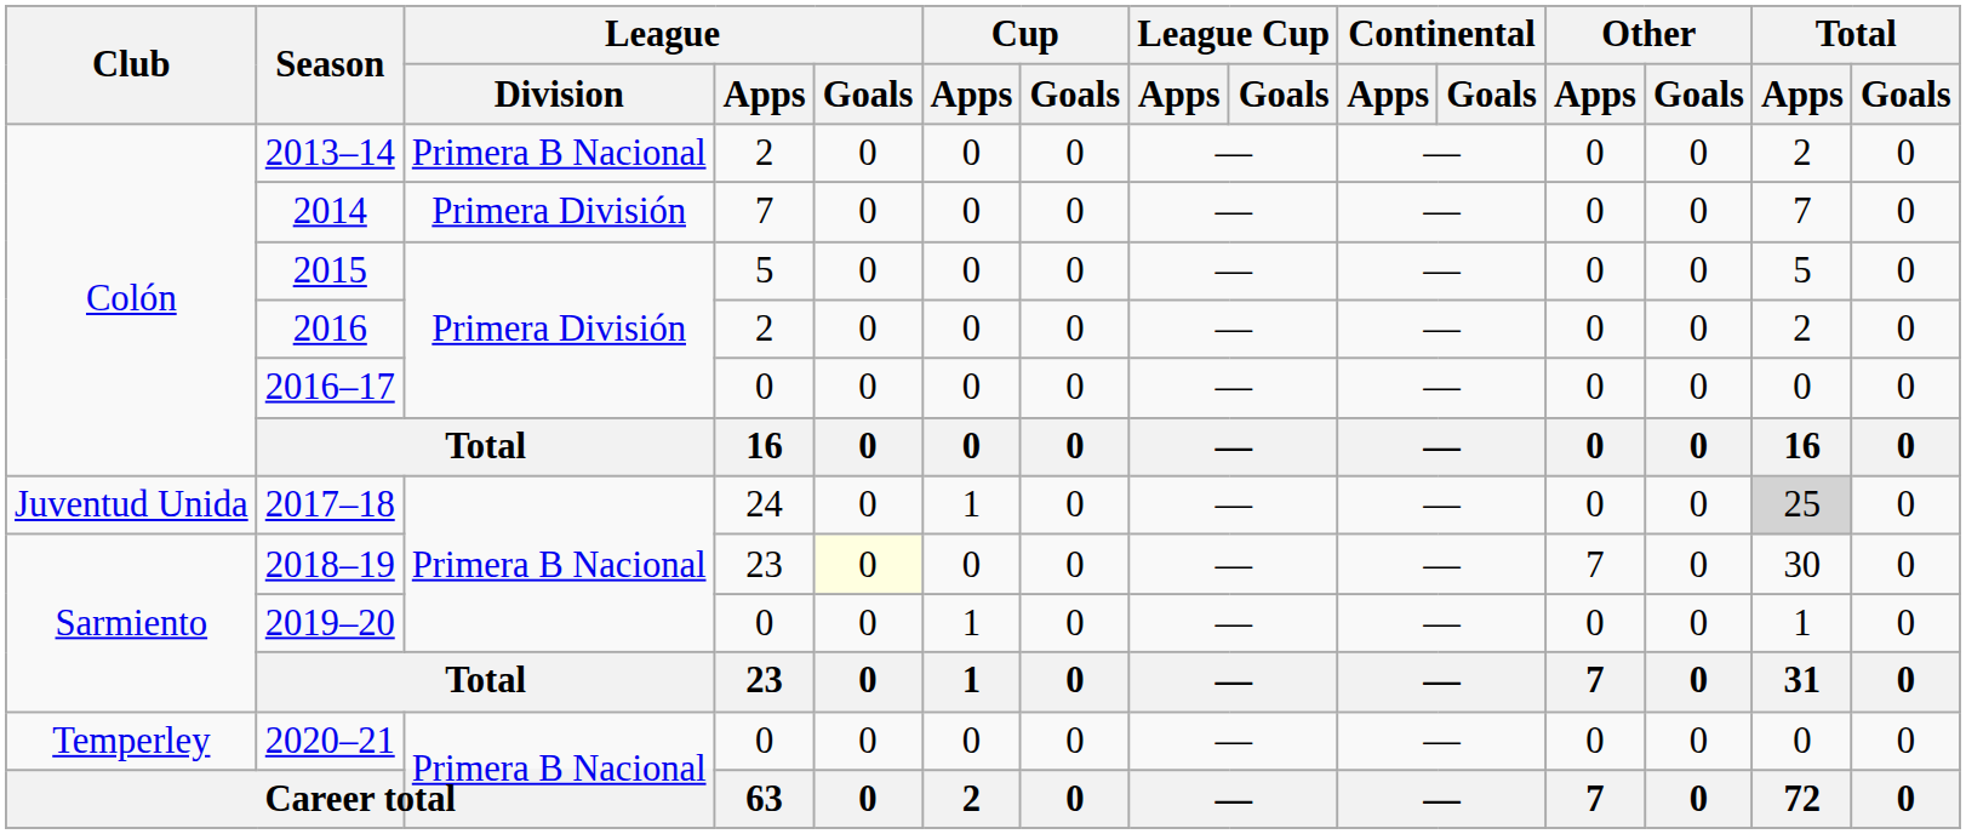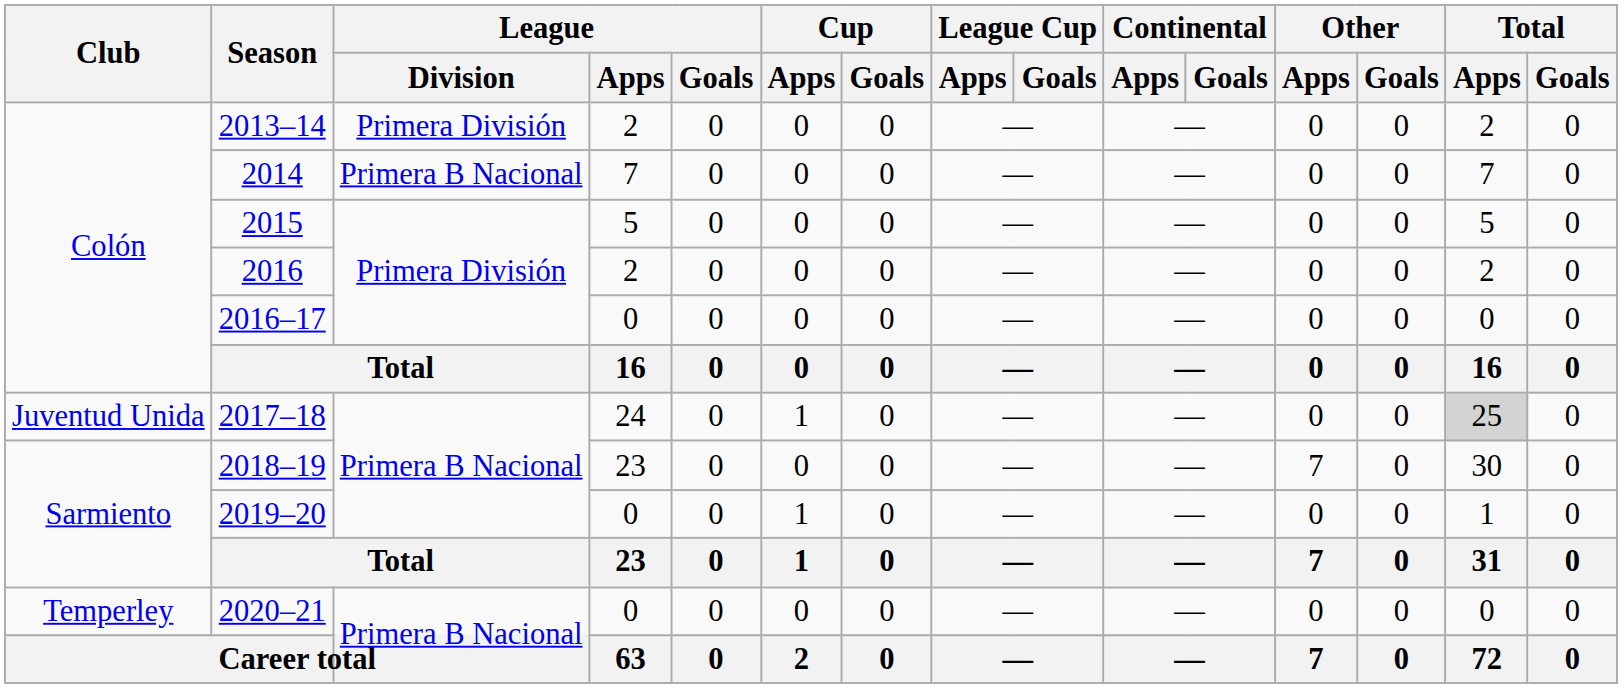 <table class="wikitable" style="text-align:center">
 <tr>
 <th rowspan="2">Club</th>
 <th rowspan="2">Season</th>
 <th colspan="3">League</th>
 <th colspan="2">Cup</th>
 <th colspan="2">League Cup</th>
 <th colspan="2">Continental</th>
 <th colspan="2">Other</th>
 <th colspan="2">Total</th>
 </tr>
 <tr>
 <th>Division</th>
 <th>Apps</th>
 <th>Goals</th>
 <th>Apps</th>
 <th>Goals</th>
 <th>Apps</th>
 <th>Goals</th>
 <th>Apps</th>
 <th>Goals</th>
 <th>Apps</th>
 <th>Goals</th>
 <th>Apps</th>
 <th>Goals</th>
 </tr>
 <tr>
 <td rowspan="6"><a href='#'>Colón</a></td>
 <td><a href='#'>2013–14</a></td>
-<td rowspan="1"><a href='#'>Primera B Nacional</a></td>
+<td rowspan="1"><a href='#'>Primera División</a></td>
 <td>2</td>
 <td>0</td>
 <td>0</td>
 <td>0</td>
 <td colspan="2">—</td>
 <td colspan="2">—</td>
 <td>0</td>
 <td>0</td>
 <td>2</td>
 <td>0</td>
 </tr>
 <tr>
 <td><a href='#'>2014</a></td>
-<td rowspan="1"><a href='#'>Primera División</a></td>
+<td rowspan="1"><a href='#'>Primera B Nacional</a></td>
 <td>7</td>
 <td>0</td>
 <td>0</td>
 <td>0</td>
 <td colspan="2">—</td>
 <td colspan="2">—</td>
 <td>0</td>
 <td>0</td>
 <td>7</td>
 <td>0</td>
 </tr>
 <tr>
 <td><a href='#'>2015</a></td>
 <td rowspan="3"><a href='#'>Primera División</a></td>
 <td>5</td>
 <td>0</td>
 <td>0</td>
 <td>0</td>
 <td colspan="2">—</td>
 <td colspan="2">—</td>
 <td>0</td>
 <td>0</td>
 <td>5</td>
 <td>0</td>
 </tr>
 <tr>
 <td><a href='#'>2016</a></td>
 <td>2</td>
 <td>0</td>
 <td>0</td>
 <td>0</td>
 <td colspan="2">—</td>
 <td colspan="2">—</td>
 <td>0</td>
 <td>0</td>
 <td>2</td>
 <td>0</td>
 </tr>
 <tr>
 <td><a href='#'>2016–17</a></td>
 <td>0</td>
 <td>0</td>
 <td>0</td>
 <td>0</td>
 <td colspan="2">—</td>
 <td colspan="2">—</td>
 <td>0</td>
 <td>0</td>
 <td>0</td>
 <td>0</td>
 </tr>
 <tr>
 <th colspan="2">Total</th>
 <th>16</th>
 <th>0</th>
 <th>0</th>
 <th>0</th>
 <th colspan="2">—</th>
 <th colspan="2">—</th>
 <th>0</th>
 <th>0</th>
 <th>16</th>
 <th>0</th>
 </tr>
 <tr>
 <td rowspan="1"><a href='#'>Juventud Unida</a></td>
 <td><a href='#'>2017–18</a></td>
 <td rowspan="3"><a href='#'>Primera B Nacional</a></td>
 <td>24</td>
 <td>0</td>
 <td>1</td>
 <td>0</td>
 <td colspan="2">—</td>
 <td colspan="2">—</td>
 <td>0</td>
 <td>0</td>
 <td style="background: lightgrey;">25</td>
 <td>0</td>
 </tr>
 <tr>
 <td rowspan="3"><a href='#'>Sarmiento</a></td>
 <td><a href='#'>2018–19</a></td>
 <td>23</td>
-<td style="background: lightyellow;">0</td>
+<td>0</td>
 <td>0</td>
 <td>0</td>
 <td colspan="2">—</td>
 <td colspan="2">—</td>
 <td>7</td>
 <td>0</td>
 <td>30</td>
 <td>0</td>
 </tr>
 <tr>
 <td><a href='#'>2019–20</a></td>
 <td>0</td>
 <td>0</td>
 <td>1</td>
 <td>0</td>
 <td colspan="2">—</td>
 <td colspan="2">—</td>
 <td>0</td>
 <td>0</td>
 <td>1</td>
 <td>0</td>
 </tr>
 <tr>
 <th colspan="2">Total</th>
 <th>23</th>
 <th>0</th>
 <th>1</th>
 <th>0</th>
 <th colspan="2">—</th>
 <th colspan="2">—</th>
 <th>7</th>
 <th>0</th>
 <th>31</th>
 <th>0</th>
 </tr>
 <tr>
 <td rowspan="1"><a href='#'>Temperley</a></td>
 <td><a href='#'>2020–21</a></td>
 <td rowspan="3"><a href='#'>Primera B Nacional</a></td>
 <td>0</td>
 <td>0</td>
 <td>0</td>
 <td>0</td>
 <td colspan="2">—</td>
 <td colspan="2">—</td>
 <td>0</td>
 <td>0</td>
 <td>0</td>
 <td>0</td>
 </tr>
 <tr>
 <th colspan="3">Career total</th>
 <th>63</th>
 <th>0</th>
 <th>2</th>
 <th>0</th>
 <th colspan="2">—</th>
 <th colspan="2">—</th>
 <th>7</th>
 <th>0</th>
 <th>72</th>
 <th>0</th>
 </tr>
 </table>
